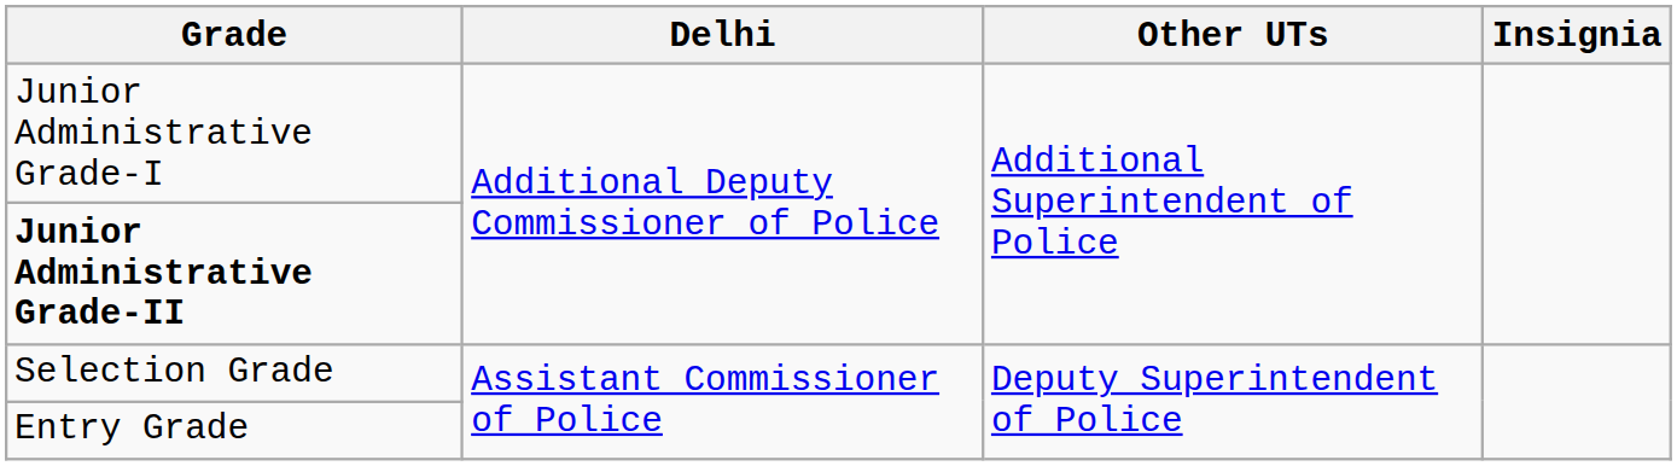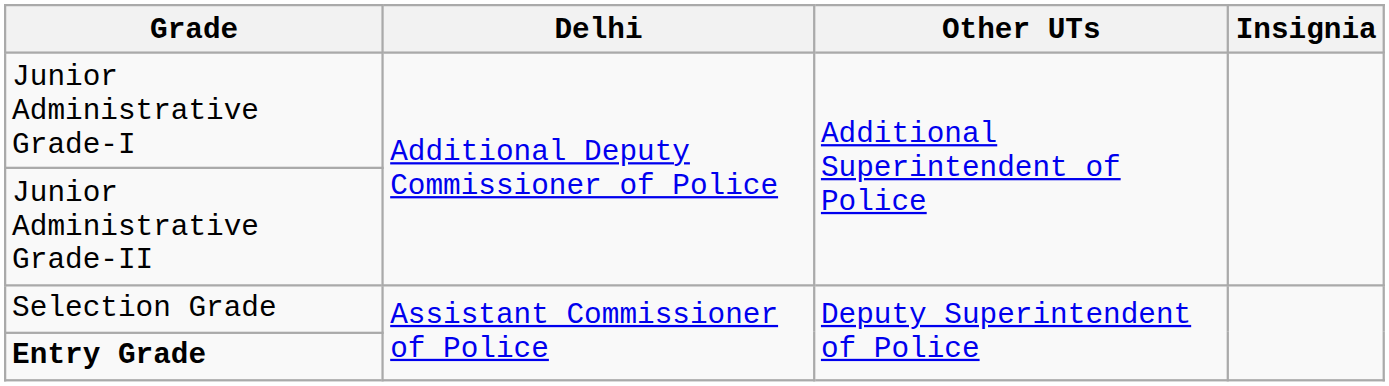 <table class="wikitable">
 <tr>
 <th>Grade</th>
 <th>Delhi</th>
 <th>Other UTs</th>
 <th>Insignia</th>
 </tr>
 <tr>
 <td>Junior Administrative Grade-I</td>
 <td rowspan="2"><a href='#'>Additional Deputy Commissioner of Police</a></td>
 <td rowspan="2"><a href='#'>Additional Superintendent of Police</a></td>
 <td rowspan="2"></td>
 </tr>
 <tr>
-<td><strong>Junior Administrative Grade-II</strong></td>
+<td>Junior Administrative Grade-II</td>
 </tr>
 <tr>
 <td>Selection Grade</td>
 <td rowspan="2"><a href='#'>Assistant Commissioner of Police</a></td>
 <td rowspan="2"><a href='#'>Deputy Superintendent of Police</a></td>
 <td rowspan="2"></td>
 </tr>
 <tr>
-<td>Entry Grade</td>
+<td><strong>Entry Grade</strong></td>
 </tr>
 </table>
